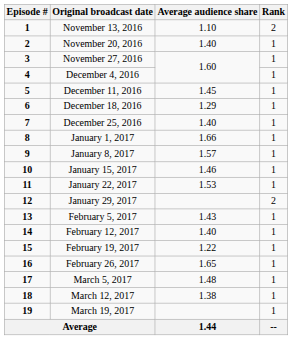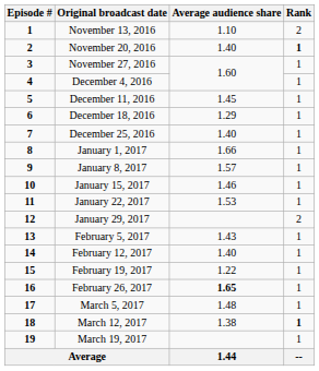 <table class="wikitable" style="text-align:center">
 <tr>
 <th>Episode #</th>
 <th>Original broadcast date</th>
 <th>Average audience share</th>
 <th>Rank</th>
 </tr>
 <tr>
 <td><strong>1</strong></td>
 <td>November 13, 2016</td>
 <td>1.10</td>
 <td>2</td>
 </tr>
 <tr>
 <td><strong>2</strong></td>
 <td>November 20, 2016</td>
 <td>1.40</td>
-<td>1</td>
+<td><strong>1</strong></td>
 </tr>
 <tr>
 <td><strong>3</strong></td>
 <td>November 27, 2016</td>
 <td rowspan=2>1.60</td>
 <td>1</td>
 </tr>
 <tr>
 <td><strong>4</strong></td>
 <td>December 4, 2016</td>
 <td>1</td>
 </tr>
 <tr>
 <td><strong>5</strong></td>
 <td>December 11, 2016</td>
 <td>1.45</td>
 <td>1</td>
 </tr>
 <tr>
 <td><strong>6</strong></td>
 <td>December 18, 2016</td>
 <td>1.29</td>
 <td>1</td>
 </tr>
 <tr>
 <td><strong>7</strong></td>
 <td>December 25, 2016</td>
 <td>1.40</td>
 <td>1</td>
 </tr>
 <tr>
 <td><strong>8</strong></td>
 <td>January 1, 2017</td>
 <td>1.66</td>
 <td>1</td>
 </tr>
 <tr>
 <td><strong>9</strong></td>
 <td>January 8, 2017</td>
 <td>1.57</td>
 <td>1</td>
 </tr>
 <tr>
 <td><strong>10</strong></td>
 <td>January 15, 2017</td>
 <td>1.46</td>
 <td>1</td>
 </tr>
 <tr>
 <td><strong>11</strong></td>
 <td>January 22, 2017</td>
 <td>1.53</td>
 <td>1</td>
 </tr>
 <tr>
 <td><strong>12</strong></td>
 <td>January 29, 2017</td>
 <td><strong></strong></td>
 <td>2</td>
 </tr>
 <tr>
 <td><strong>13</strong></td>
 <td>February 5, 2017</td>
 <td>1.43</td>
 <td>1</td>
 </tr>
 <tr>
 <td><strong>14</strong></td>
 <td>February 12, 2017</td>
 <td>1.40</td>
 <td>1</td>
 </tr>
 <tr>
 <td><strong>15</strong></td>
 <td>February 19, 2017</td>
 <td>1.22</td>
 <td>1</td>
 </tr>
 <tr>
 <td><strong>16</strong></td>
 <td>February 26, 2017</td>
-<td>1.65</td>
+<td><strong>1.65</strong></td>
 <td>1</td>
 </tr>
 <tr>
 <td><strong>17</strong></td>
 <td>March 5, 2017</td>
 <td>1.48</td>
 <td>1</td>
 </tr>
 <tr>
 <td><strong>18</strong></td>
 <td>March 12, 2017</td>
 <td>1.38</td>
-<td>1</td>
+<td><strong>1</strong></td>
 </tr>
 <tr>
 <td><strong>19</strong></td>
 <td>March 19, 2017</td>
 <td><strong></strong></td>
 <td>1</td>
 </tr>
 <tr>
 <th colspan=2>Average</th>
 <th><strong>1.44</strong></th>
 <th><strong>--</strong></th>
 </tr>
 </table>
